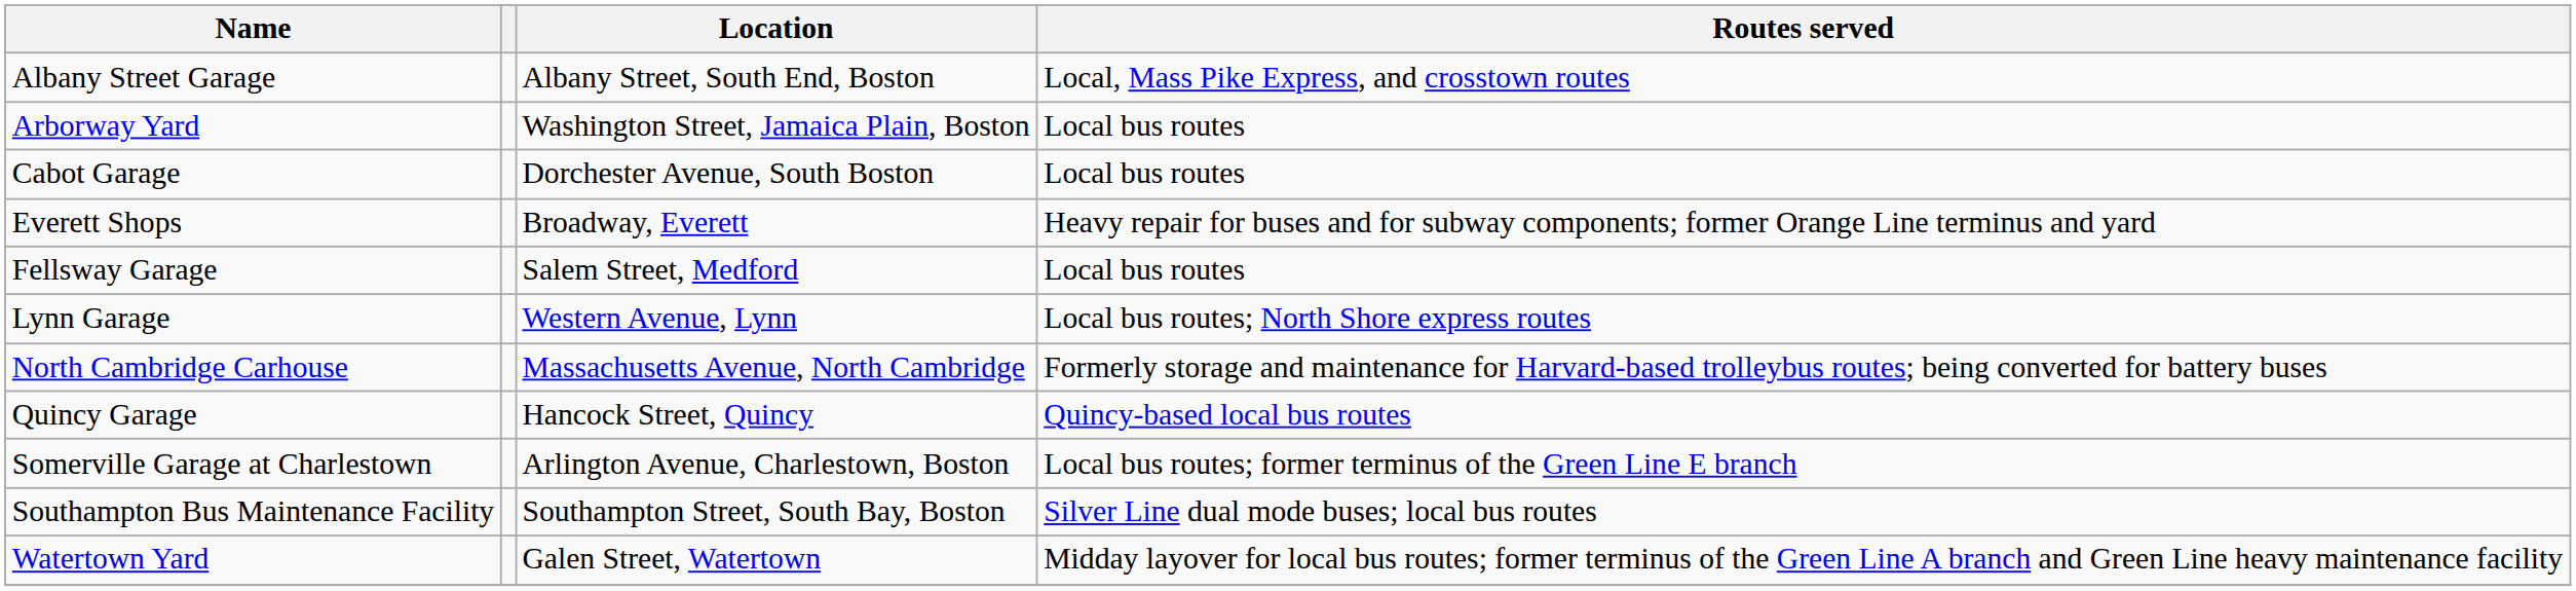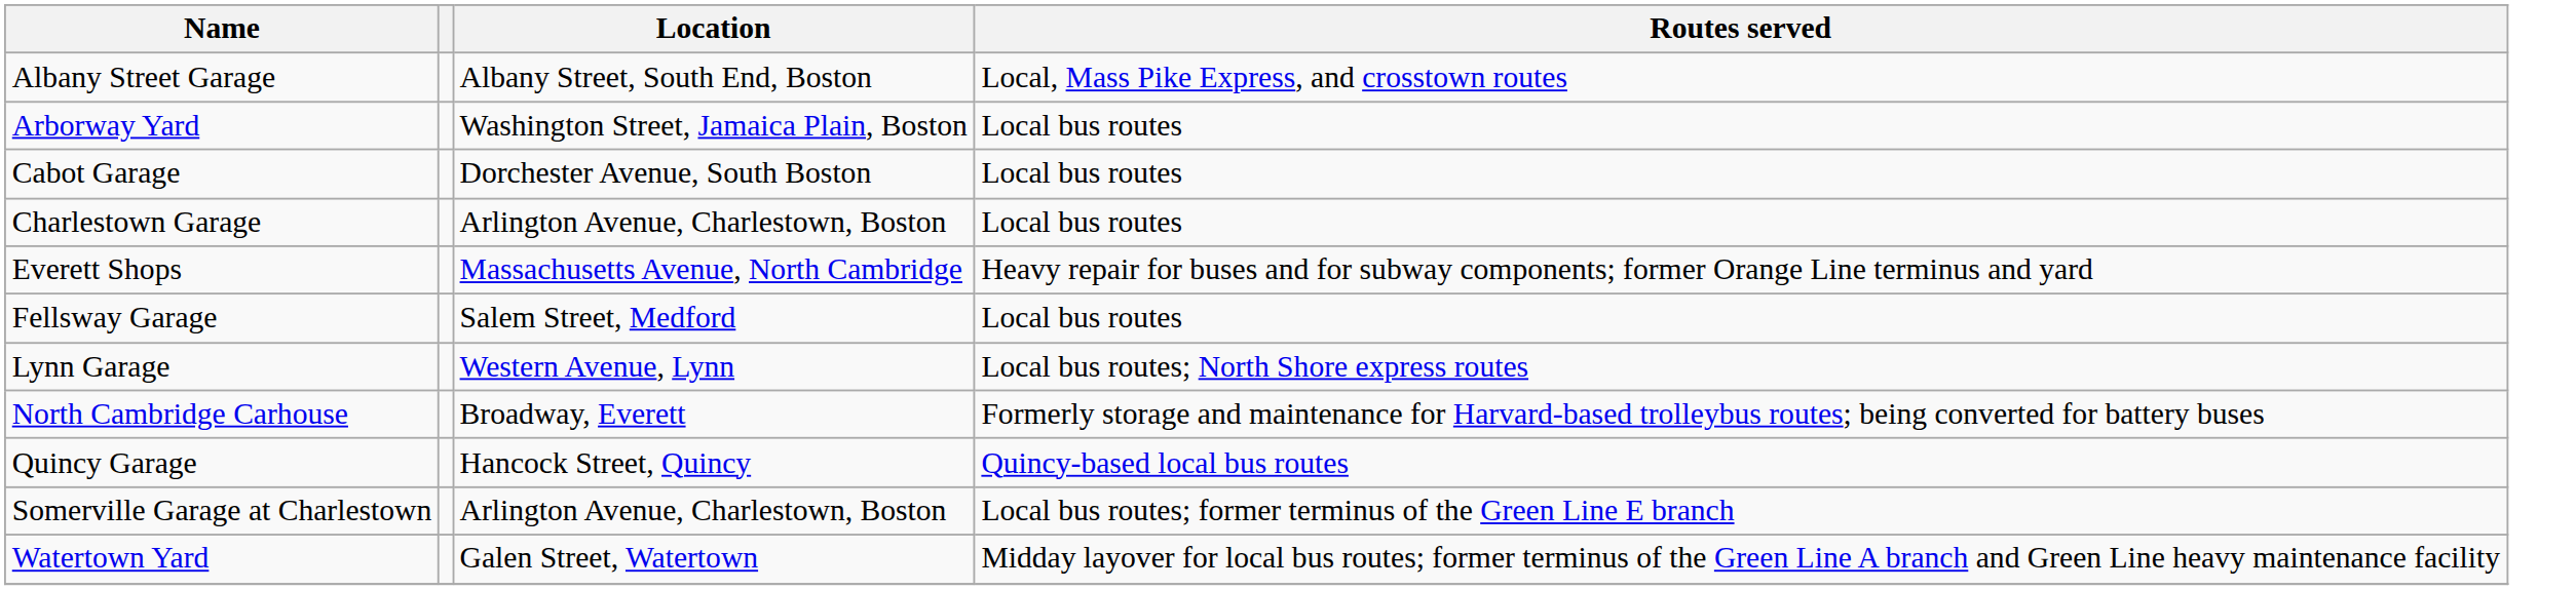 <table class="wikitable sortable">
 <tr>
 <th>Name</th>
 <th class="unsortable"></th>
 <th>Location</th>
 <th>Routes served</th>
 </tr>
 <tr>
 <td>Albany Street Garage</td>
 <td></td>
 <td>Albany Street, South End, Boston</td>
 <td>Local, <a href='#'>Mass Pike Express</a>, and <a href='#'>crosstown routes</a></td>
 </tr>
 <tr>
 <td><a href='#'>Arborway Yard</a></td>
 <td></td>
 <td>Washington Street, <a href='#'>Jamaica Plain</a>, Boston</td>
 <td>Local bus routes</td>
 </tr>
 <tr>
 <td>Cabot Garage</td>
 <td></td>
 <td>Dorchester Avenue, South Boston</td>
 <td>Local bus routes</td>
 </tr>
 <tr>
+<td>Charlestown Garage</td>
+<td></td>
+<td>Arlington Avenue, Charlestown, Boston</td>
+<td>Local bus routes</td>
+</tr>
+<tr>
 <td>Everett Shops</td>
 <td></td>
-<td>Broadway, <a href='#'>Everett</a></td>
+<td><a href='#'>Massachusetts Avenue</a>, <a href='#'>North Cambridge</a></td>
 <td>Heavy repair for buses and for subway components; former Orange Line terminus and yard</td>
 </tr>
 <tr>
 <td>Fellsway Garage</td>
 <td></td>
 <td>Salem Street, <a href='#'>Medford</a></td>
 <td>Local bus routes</td>
 </tr>
 <tr>
 <td>Lynn Garage</td>
 <td></td>
 <td><a href='#'>Western Avenue</a>, <a href='#'>Lynn</a></td>
 <td>Local bus routes; <a href='#'>North Shore express routes</a></td>
 </tr>
 <tr>
 <td><a href='#'>North Cambridge Carhouse</a></td>
 <td></td>
-<td><a href='#'>Massachusetts Avenue</a>, <a href='#'>North Cambridge</a></td>
+<td>Broadway, <a href='#'>Everett</a></td>
 <td>Formerly storage and maintenance for <a href='#'>Harvard-based trolleybus routes</a>; being converted for battery buses</td>
 </tr>
 <tr>
 <td>Quincy Garage</td>
 <td></td>
 <td>Hancock Street, <a href='#'>Quincy</a></td>
 <td><a href='#'>Quincy-based local bus routes</a></td>
 </tr>
 <tr>
 <td>Somerville Garage at Charlestown</td>
 <td></td>
 <td>Arlington Avenue, Charlestown, Boston</td>
 <td>Local bus routes; former terminus of the <a href='#'>Green Line E branch</a></td>
 </tr>
 <tr>
-<td>Southampton Bus Maintenance Facility</td>
-<td></td>
-<td>Southampton Street, South Bay, Boston</td>
-<td><a href='#'>Silver Line</a> dual mode buses; local bus routes</td>
-</tr>
-<tr>
 <td><a href='#'>Watertown Yard</a></td>
 <td></td>
 <td>Galen Street, <a href='#'>Watertown</a></td>
 <td>Midday layover for local bus routes; former terminus of the <a href='#'>Green Line A branch</a> and Green Line heavy maintenance facility</td>
 </tr>
 <tr>
 </tr>
 </table>
